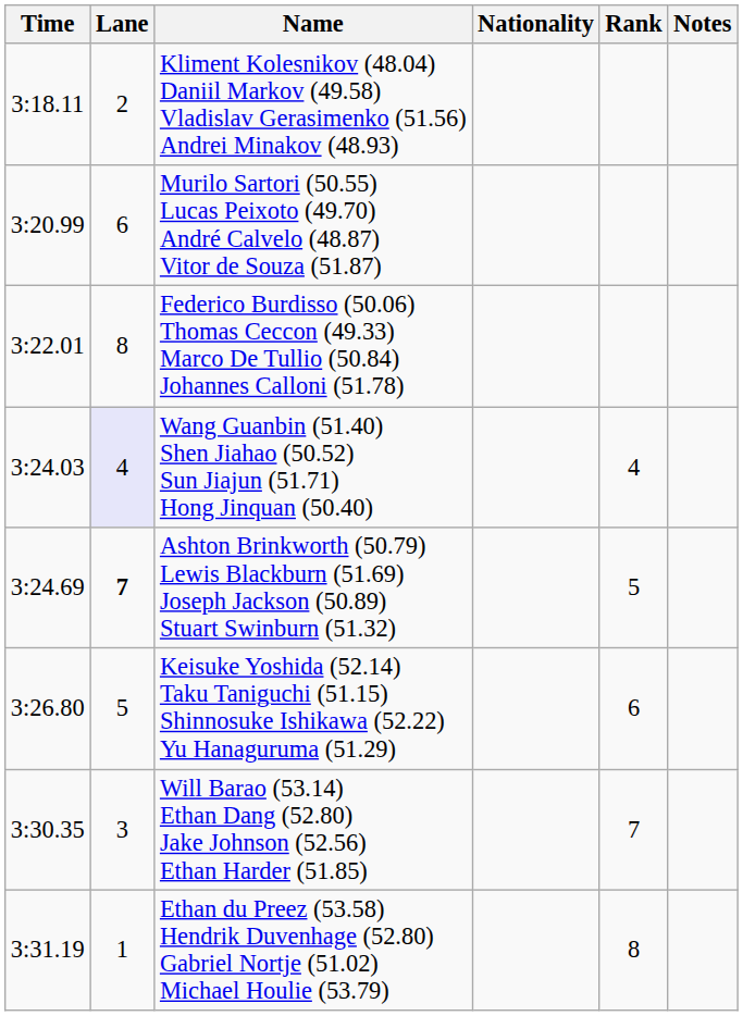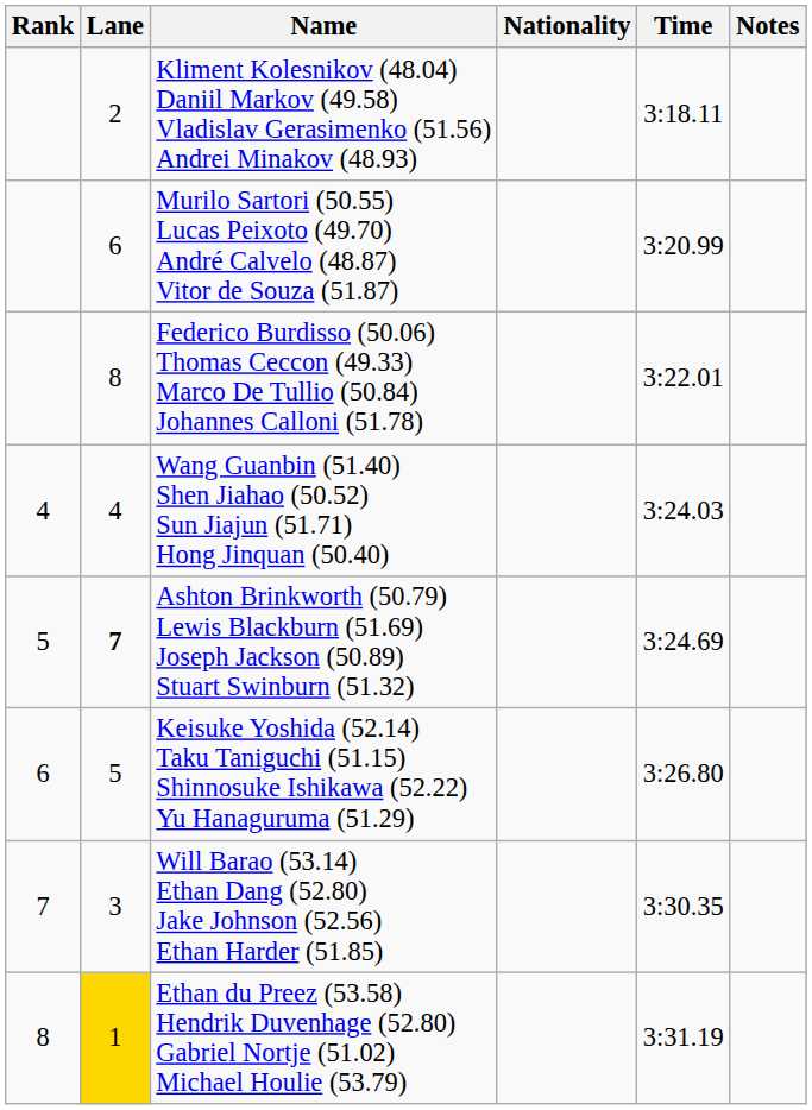 <table class="wikitable sortable" style="text-align:center">
 <tr>
-<th>Time</th>
+<th>Rank</th>
 <th>Lane</th>
 <th>Name</th>
 <th>Nationality</th>
-<th>Rank</th>
+<th>Time</th>
 <th>Notes</th>
 </tr>
 <tr>
-<td>3:18.11</td>
+<td></td>
 <td>2</td>
 <td align=left><a href='#'>Kliment Kolesnikov</a> (48.04)<br><a href='#'>Daniil Markov</a> (49.58)<br><a href='#'>Vladislav Gerasimenko</a> (51.56)<br><a href='#'>Andrei Minakov</a> (48.93)</td>
 <td align=left></td>
-<td></td>
+<td>3:18.11</td>
 <td></td>
 </tr>
 <tr>
-<td>3:20.99</td>
+<td></td>
 <td>6</td>
 <td align=left><a href='#'>Murilo Sartori</a> (50.55)<br><a href='#'>Lucas Peixoto</a> (49.70)<br><a href='#'>André Calvelo</a> (48.87)<br><a href='#'>Vitor de Souza</a> (51.87)</td>
 <td align=left></td>
-<td></td>
+<td>3:20.99</td>
 <td></td>
 </tr>
 <tr>
-<td>3:22.01</td>
+<td></td>
 <td>8</td>
 <td align=left><a href='#'>Federico Burdisso</a> (50.06)<br><a href='#'>Thomas Ceccon</a> (49.33)<br><a href='#'>Marco De Tullio</a> (50.84)<br><a href='#'>Johannes Calloni</a> (51.78)</td>
 <td align=left></td>
-<td></td>
+<td>3:22.01</td>
 <td></td>
 </tr>
 <tr>
-<td>3:24.03</td>
-<td style="background: lavender;">4</td>
+<td>4</td>
+<td>4</td>
 <td align=left><a href='#'>Wang Guanbin</a> (51.40)<br><a href='#'>Shen Jiahao</a> (50.52)<br><a href='#'>Sun Jiajun</a> (51.71)<br><a href='#'>Hong Jinquan</a> (50.40)</td>
 <td align=left></td>
-<td>4</td>
+<td>3:24.03</td>
 <td></td>
 </tr>
 <tr>
-<td>3:24.69</td>
+<td>5</td>
 <td><strong>7</strong></td>
 <td align=left><a href='#'>Ashton Brinkworth</a> (50.79)<br><a href='#'>Lewis Blackburn</a> (51.69)<br><a href='#'>Joseph Jackson</a> (50.89)<br><a href='#'>Stuart Swinburn</a> (51.32)</td>
 <td align=left></td>
-<td>5</td>
+<td>3:24.69</td>
 <td></td>
 </tr>
 <tr>
-<td>3:26.80</td>
+<td>6</td>
 <td>5</td>
 <td align=left><a href='#'>Keisuke Yoshida</a> (52.14)<br><a href='#'>Taku Taniguchi</a> (51.15)<br><a href='#'>Shinnosuke Ishikawa</a> (52.22)<br><a href='#'>Yu Hanaguruma</a> (51.29)</td>
 <td align=left></td>
-<td>6</td>
+<td>3:26.80</td>
 <td></td>
 </tr>
 <tr>
-<td>3:30.35</td>
+<td>7</td>
 <td>3</td>
 <td align=left><a href='#'>Will Barao</a> (53.14)<br><a href='#'>Ethan Dang</a> (52.80)<br><a href='#'>Jake Johnson</a> (52.56)<br><a href='#'>Ethan Harder</a> (51.85)</td>
 <td align=left></td>
-<td>7</td>
+<td>3:30.35</td>
 <td></td>
 </tr>
 <tr>
-<td>3:31.19</td>
-<td>1</td>
+<td>8</td>
+<td style="background: gold;">1</td>
 <td align=left><a href='#'>Ethan du Preez</a> (53.58)<br><a href='#'>Hendrik Duvenhage</a> (52.80)<br><a href='#'>Gabriel Nortje</a> (51.02)<br><a href='#'>Michael Houlie</a> (53.79)</td>
 <td align=left></td>
-<td>8</td>
+<td>3:31.19</td>
 <td></td>
 </tr>
 </table>
